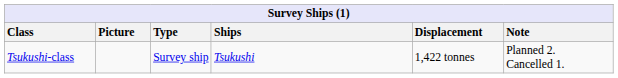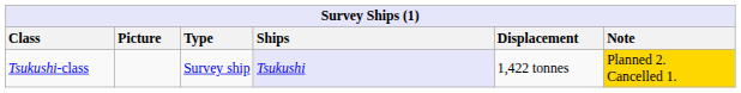 <table class="wikitable ">
 <tr>
 <th colspan="6" style="background: lavender;">Survey Ships (1)</th>
 </tr>
 <tr>
 <th style="text-align:left; width:15%;">Class</th>
 <th style="text-align:left; width:9%;">Picture</th>
 <th style="text-align:left; width:10%;">Type</th>
 <th style="text-align:left; width:33%;">Ships</th>
 <th style="text-align:left; width:15%;">Displacement</th>
 <th style="text-align:left; width:20%;">Note</th>
 </tr>
 <tr>
 <td><a href='#'><em>Tsukushi</em>-class</a></td>
 <td></td>
 <td><a href='#'>Survey ship</a></td>
-<td><a href='#'><em>Tsukushi</em></a></td>
+<td style="background: lavender;"><a href='#'><em>Tsukushi</em></a></td>
 <td>1,422 tonnes</td>
-<td>Planned 2.<br>Cancelled 1.</td>
+<td style="background: gold;">Planned 2.<br>Cancelled 1.</td>
 </tr>
 </table>
